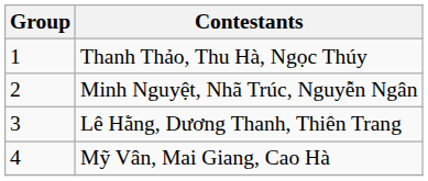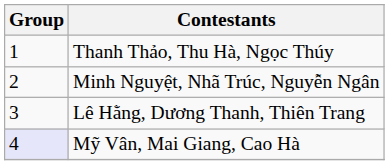 <table class="wikitable" border="1">
 <tr>
 <th>Group</th>
 <th>Contestants</th>
 </tr>
 <tr>
 <td>1</td>
 <td>Thanh Thảo, Thu Hà, Ngọc Thúy</td>
 </tr>
 <tr>
 <td>2</td>
 <td>Minh Nguyệt, Nhã Trúc, Nguyễn Ngân</td>
 </tr>
 <tr>
 <td>3</td>
 <td>Lê Hằng, Dương Thanh, Thiên Trang</td>
 </tr>
 <tr>
-<td>4</td>
+<td style="background: lavender;">4</td>
 <td>Mỹ Vân, Mai Giang, Cao Hà</td>
 </tr>
 <tr>
 </tr>
 </table>
